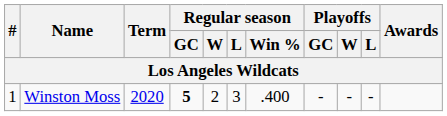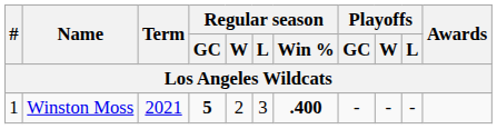 <table class="wikitable" style="text-align:center">
 <tr>
 <th rowspan="2">#</th>
 <th rowspan="2">Name</th>
 <th rowspan="2">Term</th>
 <th colspan="4">Regular season</th>
 <th colspan="3">Playoffs</th>
 <th rowspan="2">Awards</th>
 </tr>
 <tr>
 <th>GC</th>
 <th>W</th>
 <th>L</th>
 <th>Win %</th>
 <th>GC</th>
 <th>W</th>
 <th>L</th>
 </tr>
 <tr>
 <th colspan="11">Los Angeles Wildcats</th>
 </tr>
 <tr>
 <td>1</td>
 <td><a href='#'>Winston Moss</a></td>
-<td><a href='#'>2020</a></td>
+<td><a href='#'>2021</a></td>
 <td><strong>5</strong></td>
 <td>2</td>
 <td>3</td>
-<td>.400</td>
+<td><strong>.400</strong></td>
 <td>-</td>
 <td>-</td>
 <td>-</td>
 <td></td>
 </tr>
 </table>
